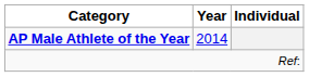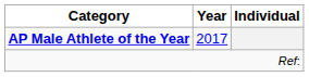 <table class="wikitable sortable plainrowheaders" style="font-size: 90%; style="text-align:center">
 <tr>
 <th scope="col" style="background-color:#ffffff; border-top:#">Category</th>
 <th scope="col" style="background-color:#ffffff; border-top:#">Year</th>
 <th scope="col" style="background-color:#ffffff; border-top:#">Individual</th>
 </tr>
 <tr>
 <td scope="row" style="text-align:left"><strong><a href='#'>AP Male Athlete of the Year</a></strong></td>
-<td style="text-align:center"><a href='#'>2014</a></td>
+<td style="text-align:center"><a href='#'>2017</a></td>
 <th scope="row" style="text-align:center"><strong></strong></th>
 </tr>
 <tr class="sortbottom">
 <td style="text-align:right"; colspan="3"><small><em>Ref</em>:</small></td>
 </tr>
 </table>
